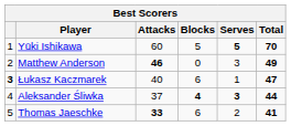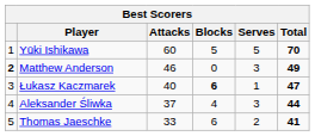 <table class="wikitable sortable" style=font-size:90%>
 <tr>
 <th colspan=6>Best Scorers</th>
 </tr>
 <tr>
 <th></th>
 <th width=158>Player</th>
 <th width=20>Attacks</th>
 <th width=20>Blocks</th>
 <th width=20>Serves</th>
 <th width=20>Total</th>
 </tr>
 <tr>
 <td>1</td>
 <td> <a href='#'>Yūki Ishikawa</a></td>
 <td align=center>60</td>
 <td align=center>5</td>
-<td align=center><strong>5</strong></td>
+<td align=center>5</td>
 <td align=center><strong>70</strong></td>
 </tr>
 <tr>
-<td>2</td>
+<td><strong>2</strong></td>
 <td> <a href='#'>Matthew Anderson</a></td>
-<td align=center><strong>46</strong></td>
+<td align=center>46</td>
 <td align=center>0</td>
 <td align=center>3</td>
 <td align=center><strong>49</strong></td>
 </tr>
 <tr>
-<td><strong>3</strong></td>
+<td>3</td>
 <td> <a href='#'>Łukasz Kaczmarek</a></td>
 <td align=center>40</td>
-<td align=center>6</td>
+<td align=center><strong>6</strong></td>
 <td align=center>1</td>
 <td align=center><strong>47</strong></td>
 </tr>
 <tr>
 <td>4</td>
 <td> <a href='#'>Aleksander Śliwka</a></td>
 <td align=center>37</td>
-<td align=center><strong>4</strong></td>
-<td align=center><strong>3</strong></td>
+<td align=center>4</td>
+<td align=center>3</td>
 <td align=center><strong>44</strong></td>
 </tr>
 <tr>
 <td>5</td>
 <td> <a href='#'>Thomas Jaeschke</a></td>
-<td align=center><strong>33</strong></td>
+<td align=center>33</td>
 <td align=center>6</td>
 <td align=center>2</td>
 <td align=center><strong>41</strong></td>
 </tr>
 </table>
